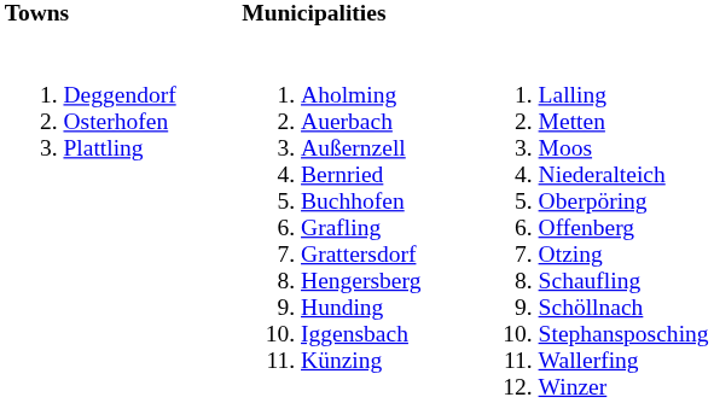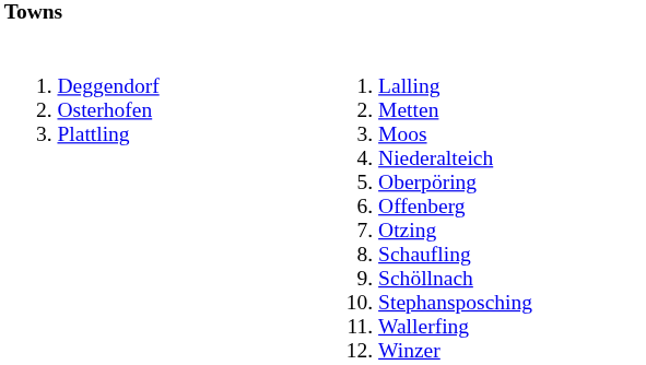 <table>
 <tr>
 <th align=left width=33%>Towns</th>
-<th align=left width=33%>Municipalities</th>
 <th align=left width=33%></th>
 </tr>
 <tr valign=top>
 <td><br><ol><li><a href='#'>Deggendorf</a></li><li><a href='#'>Osterhofen</a></li><li><a href='#'>Plattling</a></li></ol></td>
-<td><br><ol><li><a href='#'>Aholming</a></li><li><a href='#'>Auerbach</a></li><li><a href='#'>Außernzell</a></li><li><a href='#'>Bernried</a></li><li><a href='#'>Buchhofen</a></li><li><a href='#'>Grafling</a></li><li><a href='#'>Grattersdorf</a></li><li><a href='#'>Hengersberg</a></li><li><a href='#'>Hunding</a></li><li><a href='#'>Iggensbach</a></li><li><a href='#'>Künzing</a></li></ol></td>
 <td><br><ol> <li> <a href='#'>Lalling</a> <li> <a href='#'>Metten</a> <li> <a href='#'>Moos</a> <li> <a href='#'>Niederalteich</a> <li> <a href='#'>Oberpöring</a> <li> <a href='#'>Offenberg</a> <li> <a href='#'>Otzing</a> <li> <a href='#'>Schaufling</a> <li> <a href='#'>Schöllnach</a> <li> <a href='#'>Stephansposching</a> <li> <a href='#'>Wallerfing</a> <li> <a href='#'>Winzer</a> </ol></td>
 </tr>
 </table>
